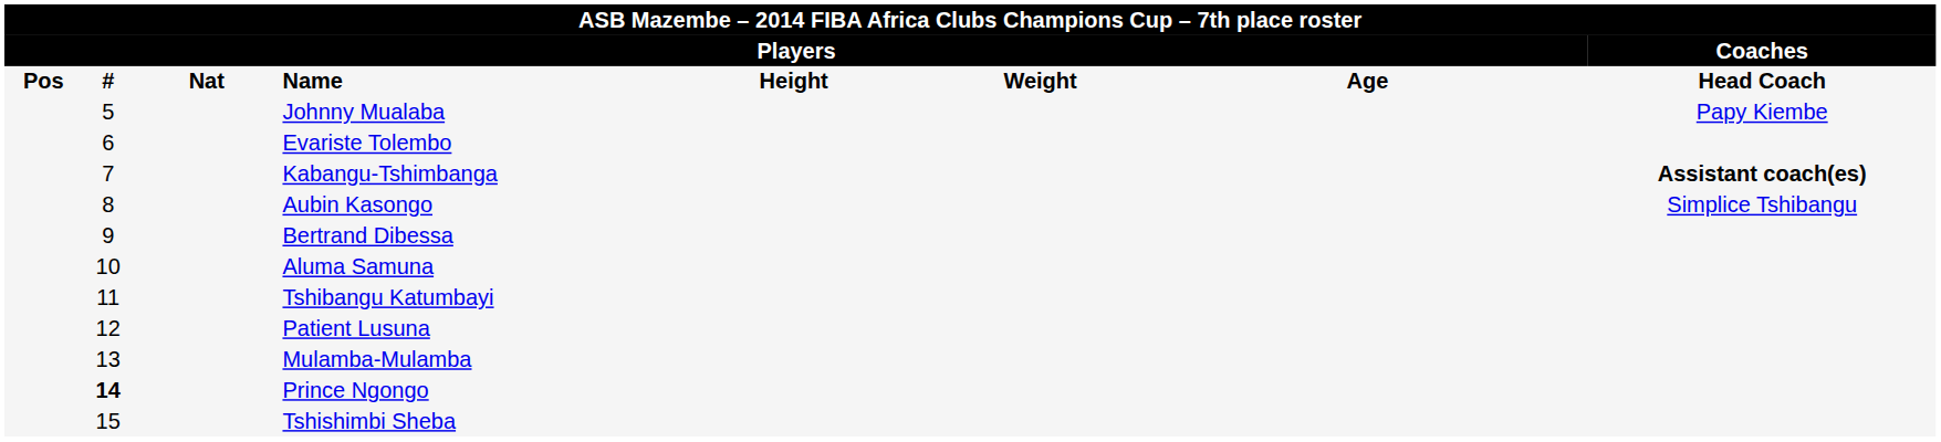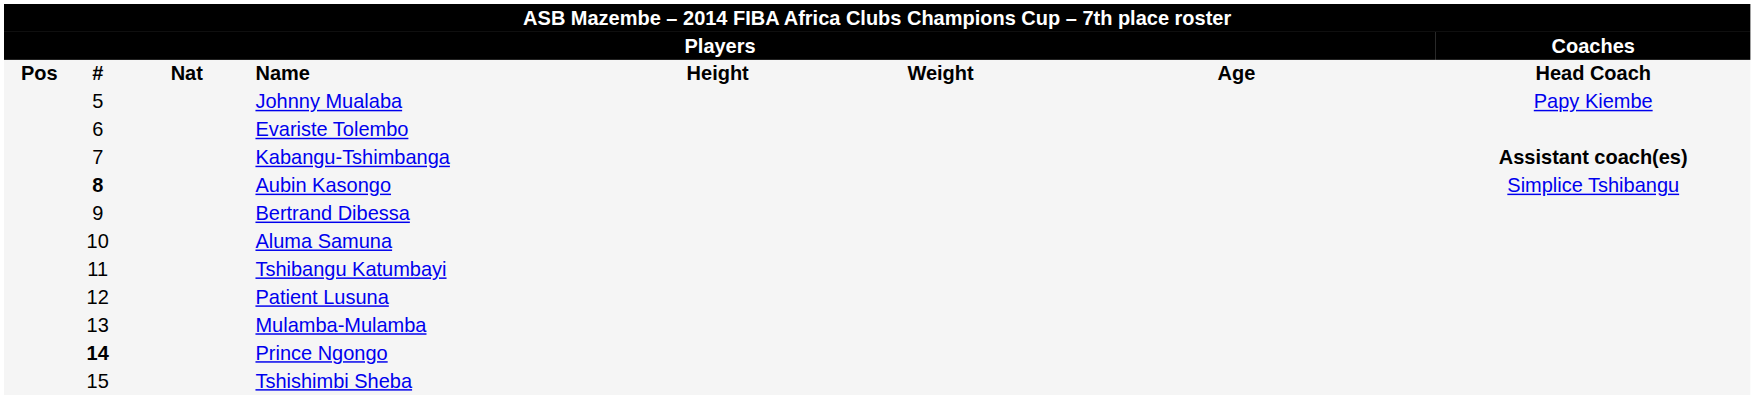 <table border=0 cellpadding=2 cellspacing=0  |- bgcolor=#f5f5f5 style="text-align:center; font-size:85%;" width=75%>
 <tr>
 <td colspan="8" style="background: black; color: white"><strong>ASB Mazembe – 2014 FIBA Africa Clubs Champions Cup – 7th place roster</strong></td>
 </tr>
 <tr>
 <td colspan="7" style="background: black; color: white"><strong>Players</strong></td>
 <td style="background: black; color: white"><strong>Coaches</strong></td>
 </tr>
 <tr style="background=#f5f5f5; color: black">
 <th width=5px>Pos</th>
 <th width=5px>#</th>
 <th width=50px>Nat</th>
 <th width=135px align=left>Name</th>
 <th width=100px>Height</th>
 <th width=75px>Weight</th>
 <th width=160px>Age</th>
 <th width=125px>Head Coach</th>
 </tr>
 <tr>
 <td></td>
 <td>5</td>
 <td></td>
 <td align=left><a href='#'>Johnny Mualaba</a></td>
 <td></td>
 <td></td>
 <td><span></span></td>
 <td> <a href='#'>Papy Kiembe</a></td>
 </tr>
 <tr>
 <td></td>
 <td>6</td>
 <td></td>
 <td align=left><a href='#'>Evariste Tolembo</a></td>
 <td></td>
 <td></td>
 <td><span></span></td>
 </tr>
 <tr>
 <td></td>
 <td>7</td>
 <td></td>
 <td align=left><a href='#'>Kabangu-Tshimbanga</a></td>
 <td></td>
 <td></td>
 <td><span></span></td>
 <td><strong>Assistant coach(es)</strong></td>
 </tr>
 <tr>
 <td></td>
-<td>8</td>
+<td><strong>8</strong></td>
 <td></td>
 <td align=left><a href='#'>Aubin Kasongo</a></td>
 <td></td>
 <td></td>
 <td><span></span></td>
 <td> <a href='#'>Simplice Tshibangu</a></td>
 </tr>
 <tr>
 <td></td>
 <td>9</td>
 <td></td>
 <td align=left><a href='#'>Bertrand Dibessa</a></td>
 <td><span></span></td>
 <td></td>
 <td><span></span></td>
 </tr>
 <tr>
 <td></td>
 <td>10</td>
 <td></td>
 <td align=left><a href='#'>Aluma Samuna</a></td>
 <td></td>
 <td></td>
 <td><span></span></td>
 </tr>
 <tr>
 <td></td>
 <td>11</td>
 <td></td>
 <td align=left><a href='#'>Tshibangu Katumbayi</a></td>
 <td></td>
 <td></td>
 <td><span></span></td>
 </tr>
 <tr>
 <td></td>
 <td>12</td>
 <td></td>
 <td align=left><a href='#'>Patient Lusuna</a></td>
 <td></td>
 <td></td>
 <td><span></span></td>
 </tr>
 <tr>
 <td></td>
 <td>13</td>
 <td></td>
 <td align=left><a href='#'>Mulamba-Mulamba</a></td>
 <td></td>
 <td></td>
 <td><span></span></td>
 </tr>
 <tr>
 <td></td>
 <td><strong>14</strong></td>
 <td></td>
 <td align=left><a href='#'>Prince Ngongo</a></td>
 <td></td>
 <td></td>
 <td><span></span></td>
 </tr>
 <tr>
 <td></td>
 <td>15</td>
 <td></td>
 <td align=left><a href='#'>Tshishimbi Sheba</a></td>
 <td></td>
 <td></td>
 <td><span></span></td>
 </tr>
 </table>
